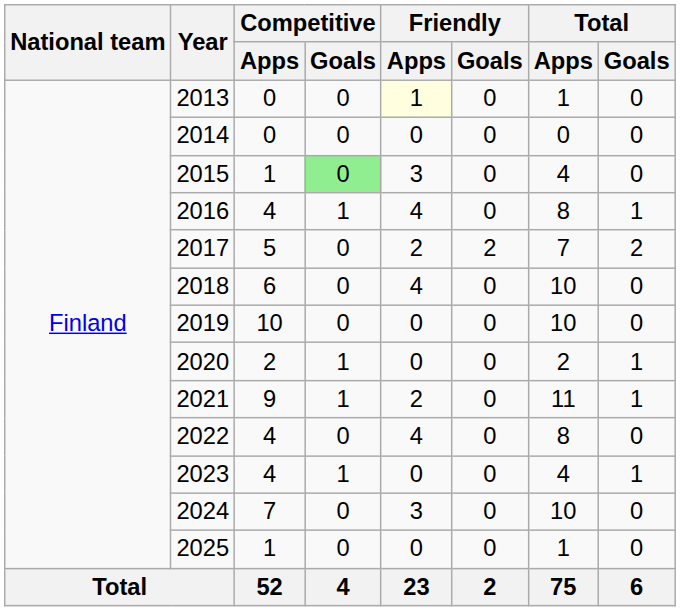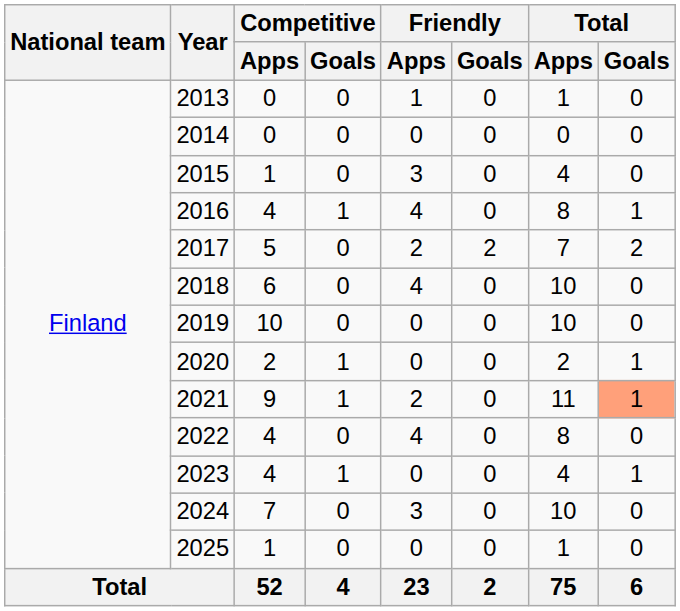 <table class="wikitable" style="text-align:center">
 <tr>
 <th rowspan="2">National team</th>
 <th rowspan="2">Year</th>
 <th colspan="2">Competitive</th>
 <th colspan="2">Friendly</th>
 <th colspan="2">Total</th>
 </tr>
 <tr>
 <th>Apps</th>
 <th>Goals</th>
 <th>Apps</th>
 <th>Goals</th>
 <th>Apps</th>
 <th>Goals</th>
 </tr>
 <tr>
 <td rowspan="13"><a href='#'>Finland</a></td>
 <td>2013</td>
 <td>0</td>
 <td>0</td>
-<td style="background: lightyellow;">1</td>
+<td>1</td>
 <td>0</td>
 <td>1</td>
 <td>0</td>
 </tr>
 <tr>
 <td>2014</td>
 <td>0</td>
 <td>0</td>
 <td>0</td>
 <td>0</td>
 <td>0</td>
 <td>0</td>
 </tr>
 <tr>
 <td>2015</td>
 <td>1</td>
-<td style="background: lightgreen;">0</td>
+<td>0</td>
 <td>3</td>
 <td>0</td>
 <td>4</td>
 <td>0</td>
 </tr>
 <tr>
 <td>2016</td>
 <td>4</td>
 <td>1</td>
 <td>4</td>
 <td>0</td>
 <td>8</td>
 <td>1</td>
 </tr>
 <tr>
 <td>2017</td>
 <td>5</td>
 <td>0</td>
 <td>2</td>
 <td>2</td>
 <td>7</td>
 <td>2</td>
 </tr>
 <tr>
 <td>2018</td>
 <td>6</td>
 <td>0</td>
 <td>4</td>
 <td>0</td>
 <td>10</td>
 <td>0</td>
 </tr>
 <tr>
 <td>2019</td>
 <td>10</td>
 <td>0</td>
 <td>0</td>
 <td>0</td>
 <td>10</td>
 <td>0</td>
 </tr>
 <tr>
 <td>2020</td>
 <td>2</td>
 <td>1</td>
 <td>0</td>
 <td>0</td>
 <td>2</td>
 <td>1</td>
 </tr>
 <tr>
 <td>2021</td>
 <td>9</td>
 <td>1</td>
 <td>2</td>
 <td>0</td>
 <td>11</td>
-<td>1</td>
+<td style="background: lightsalmon;">1</td>
 </tr>
 <tr>
 <td>2022</td>
 <td>4</td>
 <td>0</td>
 <td>4</td>
 <td>0</td>
 <td>8</td>
 <td>0</td>
 </tr>
 <tr>
 <td>2023</td>
 <td>4</td>
 <td>1</td>
 <td>0</td>
 <td>0</td>
 <td>4</td>
 <td>1</td>
 </tr>
 <tr>
 <td>2024</td>
 <td>7</td>
 <td>0</td>
 <td>3</td>
 <td>0</td>
 <td>10</td>
 <td>0</td>
 </tr>
 <tr>
 <td>2025</td>
 <td>1</td>
 <td>0</td>
 <td>0</td>
 <td>0</td>
 <td>1</td>
 <td>0</td>
 </tr>
 <tr>
 <th colspan="2">Total</th>
 <th>52</th>
 <th>4</th>
 <th>23</th>
 <th>2</th>
 <th>75</th>
 <th>6</th>
 </tr>
 </table>
